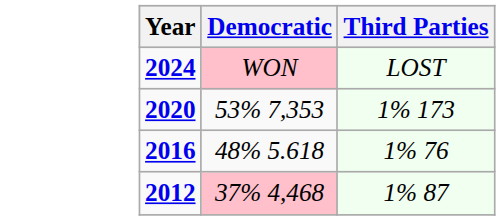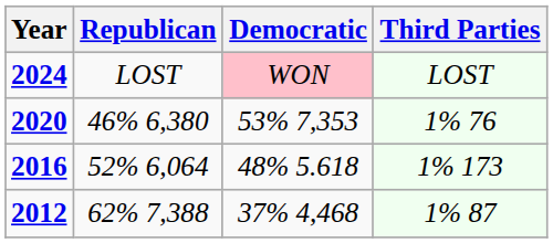 <table class="wikitable" style="float:right; font-size:95%;">
 <tr bgcolor=lightgrey>
 <th>Year</th>
+<th><a href='#'>Republican</a></th>
 <th><a href='#'>Democratic</a></th>
 <th><a href='#'>Third Parties</a></th>
 </tr>
 <tr>
 <td style="text-align:center; "><strong><a href='#'>2024</a></strong></td>
+<td style="text-align:center; "><em>LOST</em></td>
 <td style="background: pink; text-align:center; "><em>WON</em></td>
 <td style="text-align:center; background:honeyDew;"><em>LOST</em></td>
 </tr>
 <tr>
 <td style="text-align:center; "><strong><a href='#'>2020</a></strong></td>
+<td style="text-align:center; "><em>46%</em> <em>6,380</em></td>
 <td style="text-align:center; "><em>53%</em> <em>7,353</em></td>
+<td style="text-align:center; background:honeyDew;"><em>1%</em> <em>76</em></td>
+</tr>
+<tr>
+<td style="text-align:center; "><strong><a href='#'>2016</a></strong></td>
+<td style="text-align:center; "><em>52%</em> <em>6,064</em></td>
+<td style="text-align:center; "><em>48%</em> <em>5.618</em></td>
 <td style="text-align:center; background:honeyDew;"><em>1%</em> <em>173</em></td>
 </tr>
 <tr>
-<td style="text-align:center; "><strong><a href='#'>2016</a></strong></td>
-<td style="text-align:center; "><em>48%</em> <em>5.618</em></td>
-<td style="text-align:center; background:honeyDew;"><em>1%</em> <em>76</em></td>
-</tr>
-<tr>
 <td style="text-align:center; "><strong><a href='#'>2012</a></strong></td>
-<td style="background: pink; text-align:center; "><em>37%</em> <em>4,468</em></td>
+<td style="text-align:center; "><em>62%</em> <em>7,388</em></td>
+<td style="text-align:center; "><em>37%</em> <em>4,468</em></td>
 <td style="text-align:center; background:honeyDew;"><em>1%</em> <em>87</em></td>
 </tr>
 </table>
